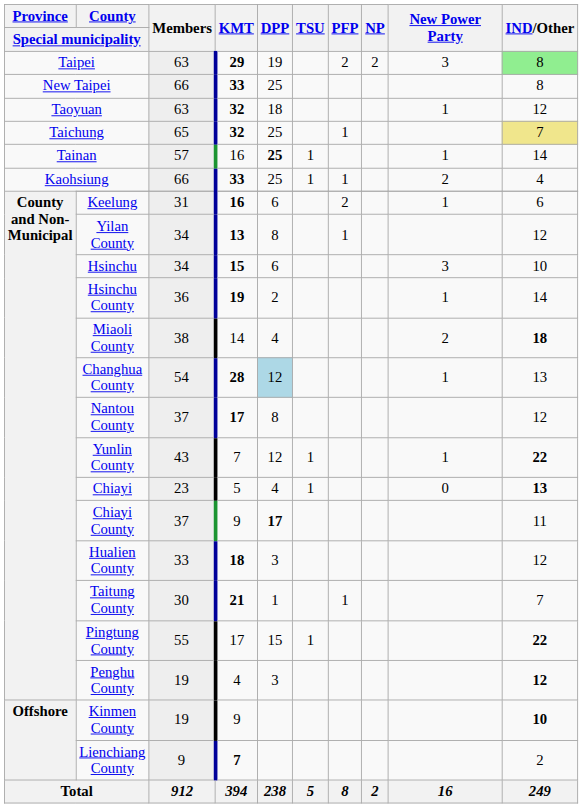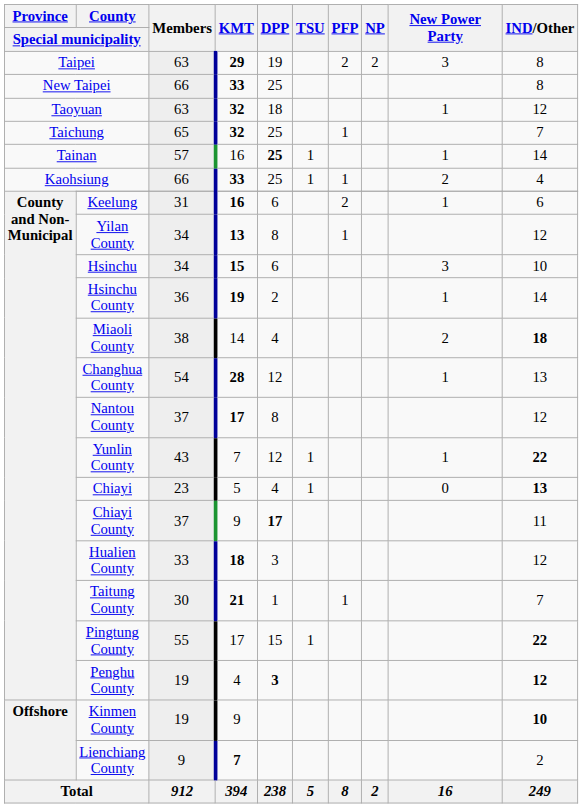 <table class="wikitable collapsible" style="text-align:center; margin:auto">
 <tr>
 <th style="width:60px;"><a href='#'>Province</a></th>
 <th style="width:60px;"><a href='#'>County</a></th>
 <th rowspan=2 style="width:50px;">Members</th>
 <th rowspan="2"><a href='#'>KMT</a></th>
 <th rowspan="2"><a href='#'>DPP</a></th>
 <th rowspan="2"><a href='#'>TSU</a></th>
 <th rowspan="2"><a href='#'>PFP</a></th>
 <th rowspan="2"><a href='#'>NP</a></th>
 <th rowspan="2"><a href='#'>New Power Party</a></th>
 <th rowspan="2"><a href='#'>IND</a>/Other</th>
 </tr>
 <tr>
 <th colspan=2><a href='#'>Special municipality</a></th>
 </tr>
 <tr>
 <td colspan="2"><a href='#'>Taipei</a></td>
 <td bgcolor=#EEEEEE style="border-right:4px solid #000099;">63</td>
 <td><strong>29</strong></td>
 <td>19</td>
 <td></td>
 <td>2</td>
 <td>2</td>
 <td>3</td>
-<td style="background: lightgreen;">8</td>
+<td>8</td>
 </tr>
 <tr>
 <td colspan="2"><a href='#'>New Taipei</a></td>
 <td bgcolor=#EEEEEE style="border-right:4px solid #000099;">66</td>
 <td><strong>33</strong></td>
 <td>25</td>
 <td></td>
 <td></td>
 <td></td>
 <td></td>
 <td>8</td>
 </tr>
 <tr>
 <td colspan="2"><a href='#'>Taoyuan</a></td>
 <td bgcolor=#EEEEEE style="border-right:4px solid #000099;">63</td>
 <td><strong>32</strong></td>
 <td>18</td>
 <td></td>
 <td></td>
 <td></td>
 <td>1</td>
 <td>12</td>
 </tr>
 <tr>
 <td colspan="2"><a href='#'>Taichung</a></td>
 <td bgcolor=#EEEEEE style="border-right:4px solid #000099;">65</td>
 <td><strong>32</strong></td>
 <td>25</td>
 <td></td>
 <td>1</td>
 <td></td>
 <td></td>
-<td style="background: khaki;">7</td>
+<td>7</td>
 </tr>
 <tr>
 <td colspan="2"><a href='#'>Tainan</a></td>
 <td bgcolor=#EEEEEE style="border-right:4px solid #1B9431;">57</td>
 <td>16</td>
 <td><strong>25</strong></td>
 <td>1</td>
 <td></td>
 <td></td>
 <td>1</td>
 <td>14</td>
 </tr>
 <tr>
 <td colspan="2"><a href='#'>Kaohsiung</a></td>
 <td bgcolor=#EEEEEE style="border-right:4px solid #000099;">66</td>
 <td><strong>33</strong></td>
 <td>25</td>
 <td>1</td>
 <td>1</td>
 <td></td>
 <td>2</td>
 <td>4</td>
 </tr>
 <tr>
 <th rowspan=15 valign=top>County and Non-Municipal</th>
 </tr>
 <tr>
 <td><a href='#'>Keelung</a></td>
 <td bgcolor=#EEEEEE style="border-right:4px solid #000099;">31</td>
 <td><strong>16</strong></td>
 <td>6</td>
 <td></td>
 <td>2</td>
 <td></td>
 <td>1</td>
 <td>6</td>
 </tr>
 <tr>
 <td><a href='#'>Yilan County</a></td>
 <td bgcolor=#EEEEEE style="border-right:4px solid #000099;">34</td>
 <td><strong>13</strong></td>
 <td>8</td>
 <td></td>
 <td>1</td>
 <td></td>
 <td></td>
 <td>12</td>
 </tr>
 <tr>
 <td><a href='#'>Hsinchu</a></td>
 <td bgcolor=#EEEEEE style="border-right:4px solid #000099;">34</td>
 <td><strong>15</strong></td>
 <td>6</td>
 <td></td>
 <td></td>
 <td></td>
 <td>3</td>
 <td>10</td>
 </tr>
 <tr>
 <td><a href='#'>Hsinchu County</a></td>
 <td bgcolor=#EEEEEE style="border-right:4px solid #000099;">36</td>
 <td><strong>19</strong></td>
 <td>2</td>
 <td></td>
 <td></td>
 <td></td>
 <td>1</td>
 <td>14</td>
 </tr>
 <tr>
 <td><a href='#'>Miaoli County</a></td>
 <td bgcolor=#EEEEEE style="border-right:4px solid #000000;">38</td>
 <td>14</td>
 <td>4</td>
 <td></td>
 <td></td>
 <td></td>
 <td>2</td>
 <td><strong>18</strong></td>
 </tr>
 <tr>
 <td><a href='#'>Changhua County</a></td>
 <td bgcolor=#EEEEEE style="border-right:4px solid #000099;">54</td>
 <td><strong>28</strong></td>
-<td style="background: lightblue;">12</td>
+<td>12</td>
 <td></td>
 <td></td>
 <td></td>
 <td>1</td>
 <td>13</td>
 </tr>
 <tr>
 <td><a href='#'>Nantou County</a></td>
 <td bgcolor=#EEEEEE style="border-right:4px solid #000099;">37</td>
 <td><strong>17</strong></td>
 <td>8</td>
 <td></td>
 <td></td>
 <td></td>
 <td></td>
 <td>12</td>
 </tr>
 <tr>
 <td><a href='#'>Yunlin County</a></td>
 <td bgcolor=#EEEEEE style="border-right:4px solid #000000;">43</td>
 <td>7</td>
 <td>12</td>
 <td>1</td>
 <td></td>
 <td></td>
 <td>1</td>
 <td><strong>22</strong></td>
 </tr>
 <tr>
 <td><a href='#'>Chiayi</a></td>
 <td bgcolor=#EEEEEE style="border-right:4px solid #000000;">23</td>
 <td>5</td>
 <td>4</td>
 <td>1</td>
 <td></td>
 <td></td>
 <td>0</td>
 <td><strong>13</strong></td>
 </tr>
 <tr>
 <td><a href='#'>Chiayi County</a></td>
 <td bgcolor=#EEEEEE style="border-right:4px solid #1B9431;">37</td>
 <td>9</td>
 <td><strong>17</strong></td>
 <td></td>
 <td></td>
 <td></td>
 <td></td>
 <td>11</td>
 </tr>
 <tr>
 <td><a href='#'>Hualien County</a></td>
 <td bgcolor=#EEEEEE style="border-right:4px solid #000099;">33</td>
 <td><strong>18</strong></td>
 <td>3</td>
 <td></td>
 <td></td>
 <td></td>
 <td></td>
 <td>12</td>
 </tr>
 <tr>
 <td><a href='#'>Taitung County</a></td>
 <td bgcolor=#EEEEEE style="border-right:4px solid #000099;">30</td>
 <td><strong>21</strong></td>
 <td>1</td>
 <td></td>
 <td>1</td>
 <td></td>
 <td></td>
 <td>7</td>
 </tr>
 <tr>
 <td><a href='#'>Pingtung County</a></td>
 <td bgcolor=#EEEEEE style="border-right:4px solid #000000;">55</td>
 <td>17</td>
 <td>15</td>
 <td>1</td>
 <td></td>
 <td></td>
 <td></td>
 <td><strong>22</strong></td>
 </tr>
 <tr>
 <td><a href='#'>Penghu County</a></td>
 <td bgcolor=#EEEEEE style="border-right:4px solid #000000;">19</td>
 <td>4</td>
-<td>3</td>
+<td><strong>3</strong></td>
 <td></td>
 <td></td>
 <td></td>
 <td></td>
 <td><strong>12</strong></td>
 </tr>
 <tr>
 <th rowspan=2 valign=top>Offshore</th>
 <td><a href='#'>Kinmen County</a></td>
 <td bgcolor=#EEEEEE style="border-right:4px solid #000000;">19</td>
 <td>9</td>
 <td></td>
 <td></td>
 <td></td>
 <td></td>
 <td></td>
 <td><strong>10</strong></td>
 </tr>
 <tr>
 <td><a href='#'>Lienchiang County</a></td>
 <td bgcolor=#EEEEEE style="border-right:4px solid #000099;">9</td>
 <td><strong>7</strong></td>
 <td></td>
 <td></td>
 <td></td>
 <td></td>
 <td></td>
 <td>2</td>
 </tr>
 <tr>
 <th colspan=2>Total</th>
 <th><em>912</em></th>
 <th><em>394</em></th>
 <th><em>238</em></th>
 <th><em>5</em></th>
 <th><em>8</em></th>
 <th><em>2</em></th>
 <th><em>16</em></th>
 <th><em>249</em></th>
 </tr>
 </table>
